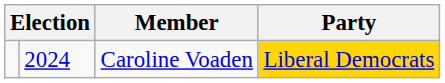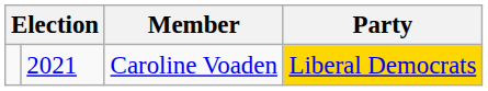 <table class="wikitable">
 <tr>
 <th colspan="2">Election</th>
 <th>Member</th>
 <th>Party</th>
 </tr>
 <tr>
 <td style="color:inherit;background-color: "></td>
-<td><a href='#'>2024</a></td>
+<td><a href='#'>2021</a></td>
 <td><a href='#'>Caroline Voaden</a></td>
 <td style="background: gold;"><a href='#'>Liberal Democrats</a></td>
 </tr>
 </table>
